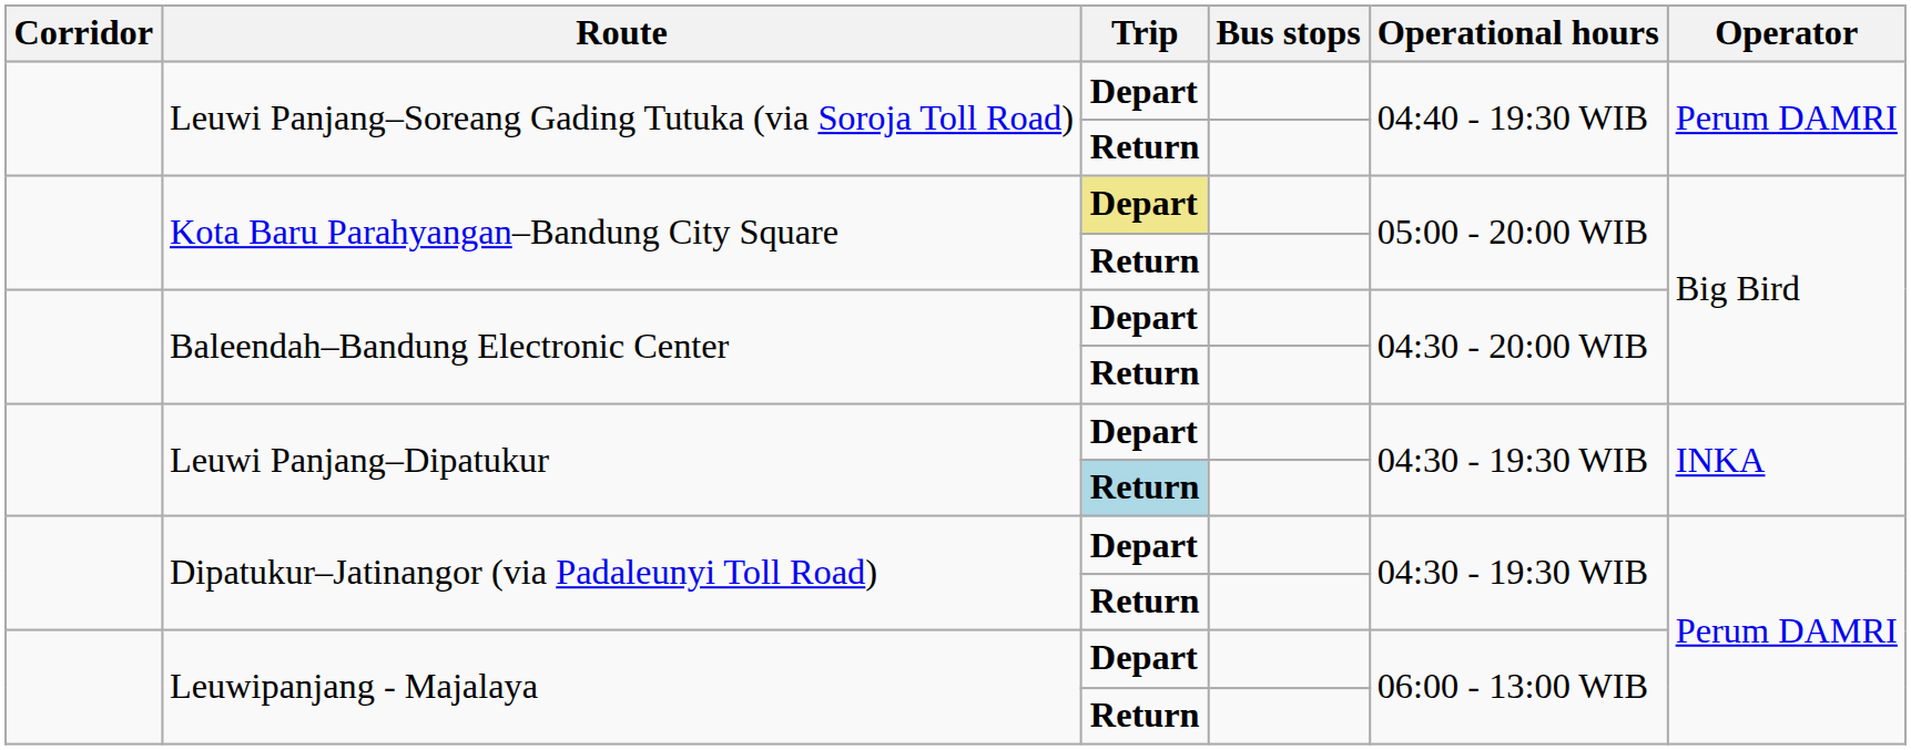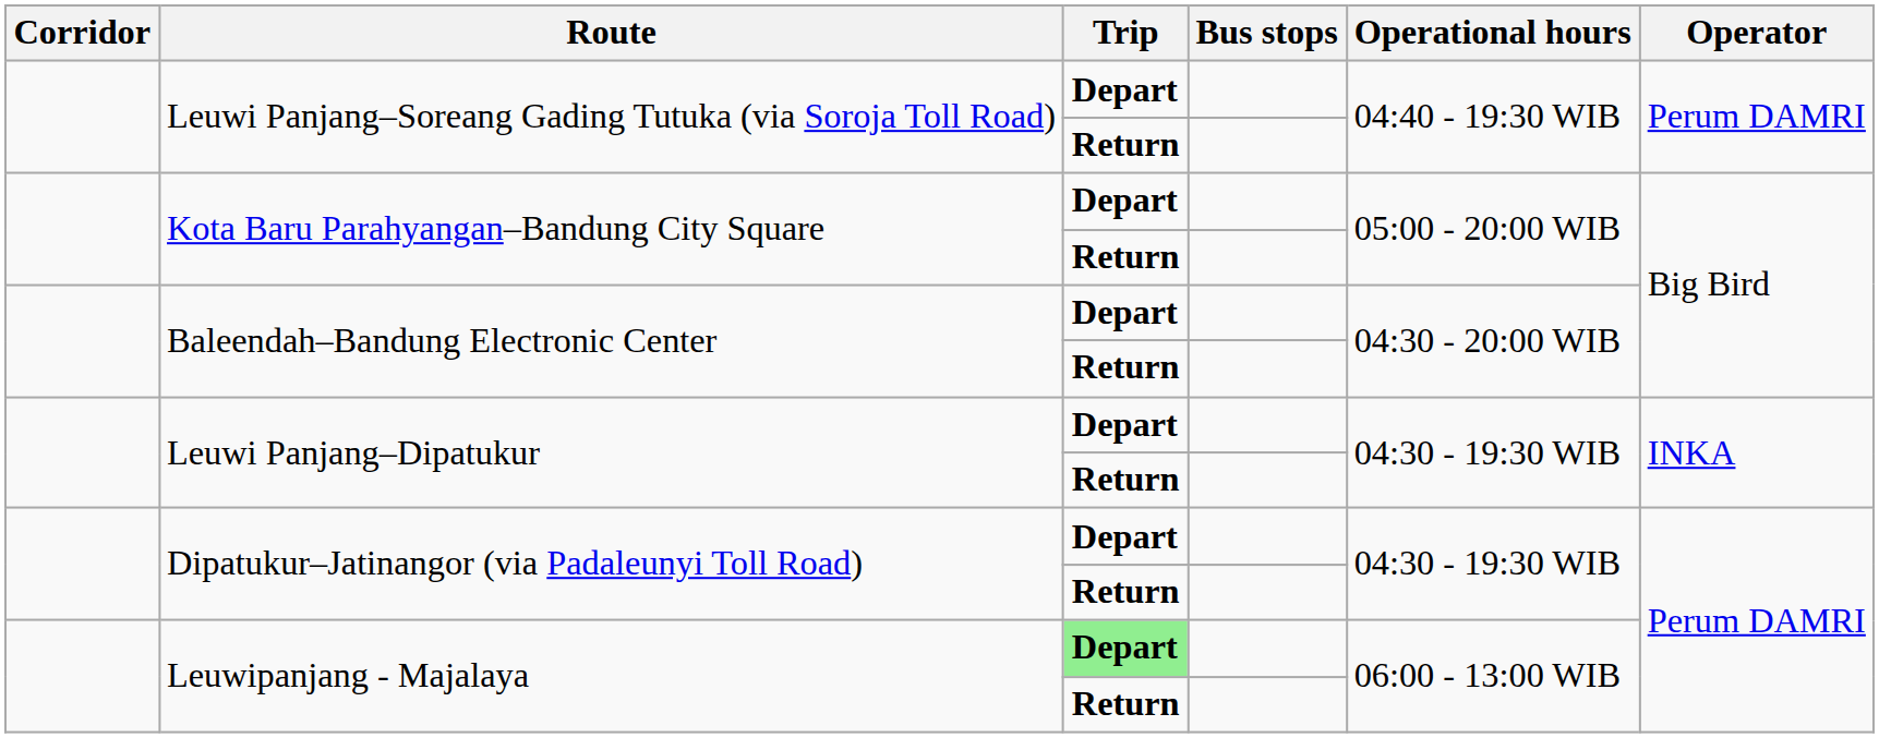 <table class="wikitable sortable">
 <tr>
 <th>Corridor</th>
 <th>Route</th>
 <th>Trip</th>
 <th>Bus stops</th>
 <th>Operational hours</th>
 <th>Operator</th>
 </tr>
 <tr>
 <td rowspan="2"></td>
 <td rowspan="2">Leuwi Panjang–Soreang Gading Tutuka (via <a href='#'>Soroja Toll Road</a>)</td>
 <td><strong>Depart</strong></td>
 <td></td>
 <td rowspan="2">04:40 - 19:30 WIB</td>
 <td rowspan="2"><a href='#'>Perum DAMRI</a></td>
 </tr>
 <tr>
 <td><strong>Return</strong></td>
 <td></td>
 </tr>
 <tr>
 <td rowspan="2"></td>
 <td rowspan="2"><a href='#'>Kota Baru Parahyangan</a>–Bandung City Square</td>
-<td style="background: khaki;"><strong>Depart</strong></td>
+<td><strong>Depart</strong></td>
 <td></td>
 <td rowspan="2">05:00 - 20:00 WIB</td>
 <td rowspan="4">Big Bird</td>
 </tr>
 <tr>
 <td><strong>Return</strong></td>
 <td></td>
 </tr>
 <tr>
 <td rowspan="2"></td>
 <td rowspan="2">Baleendah–Bandung Electronic Center</td>
 <td><strong>Depart</strong></td>
 <td></td>
 <td rowspan="2">04:30 - 20:00 WIB</td>
 </tr>
 <tr>
 <td><strong>Return</strong></td>
 <td></td>
 </tr>
 <tr>
 <td rowspan="2"></td>
 <td rowspan="2">Leuwi Panjang–Dipatukur</td>
 <td><strong>Depart</strong></td>
 <td></td>
 <td rowspan="2">04:30 - 19:30 WIB</td>
 <td rowspan="2"><a href='#'>INKA</a></td>
 </tr>
 <tr>
-<td style="background: lightblue;"><strong>Return</strong></td>
+<td><strong>Return</strong></td>
 <td></td>
 </tr>
 <tr>
 <td rowspan="2"></td>
 <td rowspan="2">Dipatukur–Jatinangor (via <a href='#'>Padaleunyi Toll Road</a>)</td>
 <td><strong>Depart</strong></td>
 <td></td>
 <td rowspan="2">04:30 - 19:30 WIB</td>
 <td rowspan="4"><a href='#'>Perum DAMRI</a></td>
 </tr>
 <tr>
 <td><strong>Return</strong></td>
 <td></td>
 </tr>
 <tr>
 <td rowspan="2"></td>
 <td rowspan="2">Leuwipanjang - Majalaya</td>
-<td><strong>Depart</strong></td>
+<td style="background: lightgreen;"><strong>Depart</strong></td>
 <td></td>
 <td rowspan="2">06:00 - 13:00 WIB</td>
 </tr>
 <tr>
 <td><strong>Return</strong></td>
 <td></td>
 </tr>
 </table>
